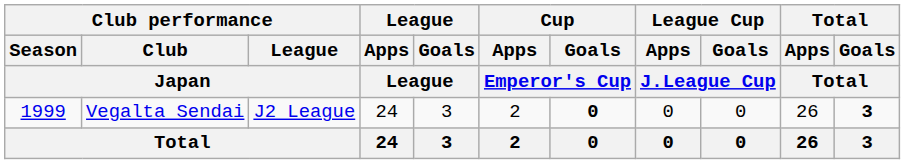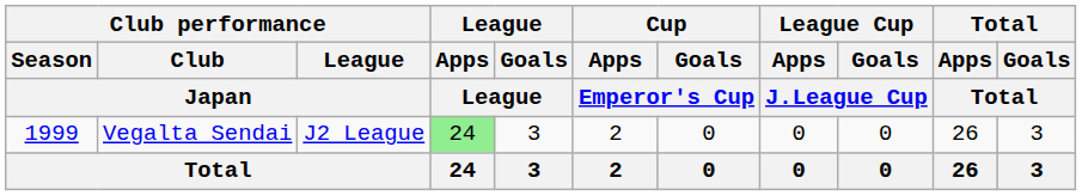 <table class="wikitable" style="text-align:center;">
 <tr>
 <th colspan=3>Club performance</th>
 <th colspan=2>League</th>
 <th colspan=2>Cup</th>
 <th colspan=2>League Cup</th>
 <th colspan=2>Total</th>
 </tr>
 <tr>
 <th>Season</th>
 <th>Club</th>
 <th>League</th>
 <th>Apps</th>
 <th>Goals</th>
 <th>Apps</th>
 <th>Goals</th>
 <th>Apps</th>
 <th>Goals</th>
 <th>Apps</th>
 <th>Goals</th>
 </tr>
 <tr>
 <th colspan=3>Japan</th>
 <th colspan=2>League</th>
 <th colspan=2><a href='#'>Emperor's Cup</a></th>
 <th colspan=2><a href='#'>J.League Cup</a></th>
 <th colspan=2>Total</th>
 </tr>
 <tr>
 <td><a href='#'>1999</a></td>
 <td><a href='#'>Vegalta Sendai</a></td>
 <td><a href='#'>J2 League</a></td>
-<td>24</td>
+<td style="background: lightgreen;">24</td>
 <td>3</td>
 <td>2</td>
-<td><strong>0</strong></td>
+<td>0</td>
 <td>0</td>
 <td>0</td>
 <td>26</td>
-<td><strong>3</strong></td>
+<td>3</td>
 </tr>
 <tr>
 <th colspan=3>Total</th>
 <th>24</th>
 <th>3</th>
 <th>2</th>
 <th>0</th>
 <th>0</th>
 <th>0</th>
 <th>26</th>
 <th>3</th>
 </tr>
 </table>
